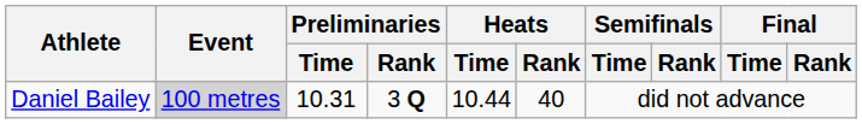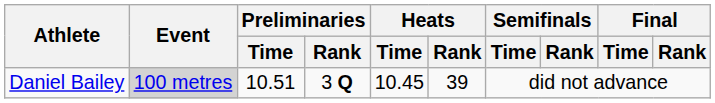 <table class=wikitable style="font-size:90%;">
 <tr>
 <th rowspan=2>Athlete</th>
 <th rowspan=2>Event</th>
 <th colspan=2>Preliminaries</th>
 <th colspan=2>Heats</th>
 <th colspan=2>Semifinals</th>
 <th colspan=2>Final</th>
 </tr>
 <tr>
 <th>Time</th>
 <th>Rank</th>
 <th>Time</th>
 <th>Rank</th>
 <th>Time</th>
 <th>Rank</th>
 <th>Time</th>
 <th>Rank</th>
 </tr>
 <tr>
 <td><a href='#'>Daniel Bailey</a></td>
 <td style="background: lightgrey;"><a href='#'>100 metres</a></td>
-<td align="center">10.31</td>
+<td align="center">10.51</td>
 <td align="center">3 <strong>Q</strong></td>
-<td align="center">10.44</td>
-<td align="center">40</td>
+<td align="center">10.45</td>
+<td align="center">39</td>
 <td align="center" colspan=4>did not advance</td>
 </tr>
 </table>
